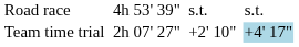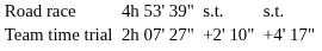 <table>
 <tr>
 <td>Road race</td>
 <td></td>
 <td>4h 53' 39"</td>
 <td></td>
 <td>s.t.</td>
 <td></td>
 <td>s.t.</td>
 </tr>
 <tr>
 <td>Team time trial</td>
 <td></td>
 <td>2h 07' 27"</td>
 <td><br></td>
 <td>+2' 10"</td>
 <td></td>
-<td style="background: lightblue;">+4' 17"</td>
+<td>+4' 17"</td>
 </tr>
 </table>
